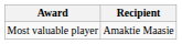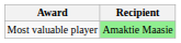 <table class="wikitable">
 <tr>
 <th>Award</th>
 <th>Recipient</th>
 </tr>
 <tr>
 <td>Most valuable player</td>
-<td> Amaktie Maasie</td>
+<td style="background: lightgreen;"> Amaktie Maasie</td>
 </tr>
 </table>
